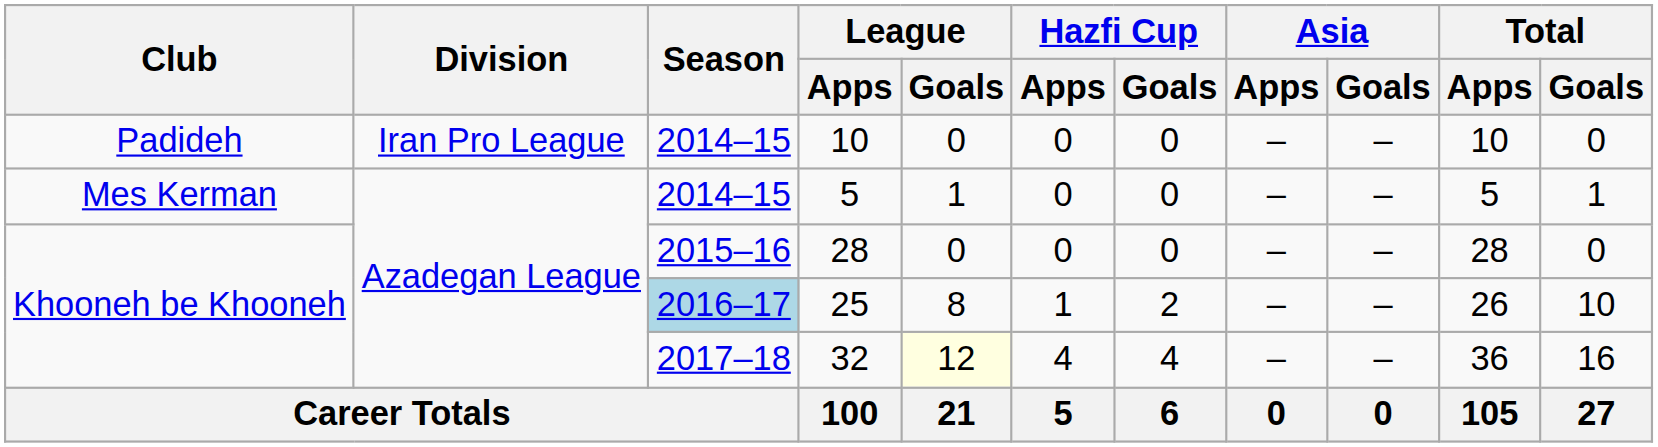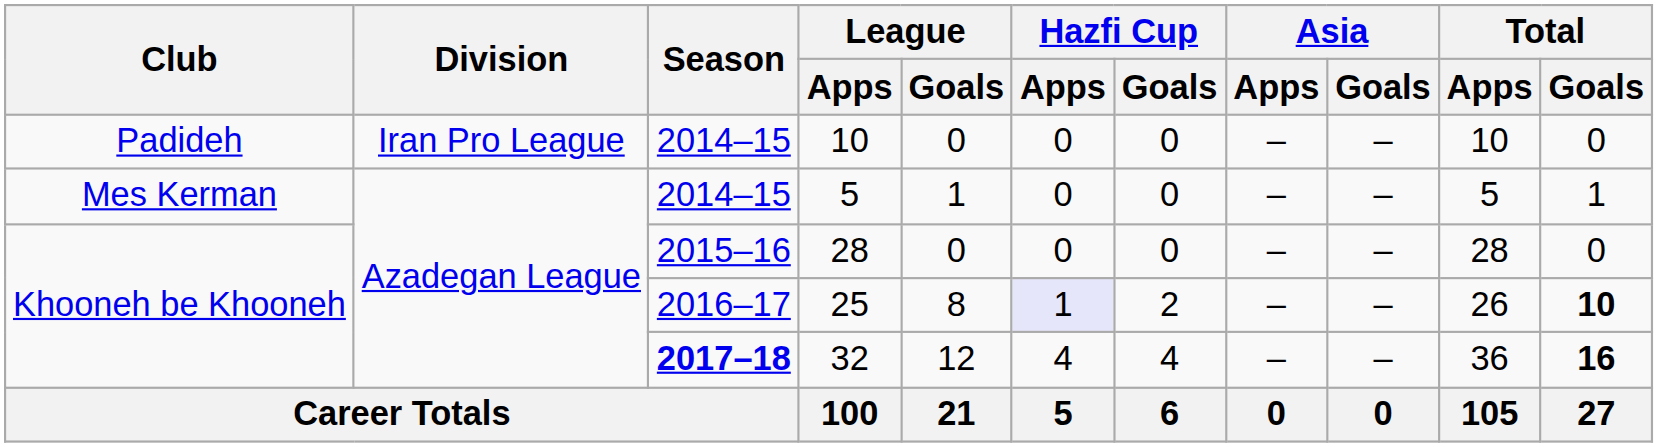 <table class="wikitable" style="text-align: center;">
 <tr>
 <th rowspan="2">Club</th>
 <th rowspan="2">Division</th>
 <th rowspan="2">Season</th>
 <th colspan="2">League</th>
 <th colspan="2"><a href='#'>Hazfi Cup</a></th>
 <th colspan="2"><a href='#'>Asia</a></th>
 <th colspan="2">Total</th>
 </tr>
 <tr>
 <th>Apps</th>
 <th>Goals</th>
 <th>Apps</th>
 <th>Goals</th>
 <th>Apps</th>
 <th>Goals</th>
 <th>Apps</th>
 <th>Goals</th>
 </tr>
 <tr>
 <td rowspan="1"><a href='#'>Padideh</a></td>
 <td rowspan="1"><a href='#'>Iran Pro League</a></td>
 <td><a href='#'>2014–15</a></td>
 <td>10</td>
 <td>0</td>
 <td>0</td>
 <td>0</td>
 <td>–</td>
 <td>–</td>
 <td>10</td>
 <td>0</td>
 </tr>
 <tr>
 <td rowspan="1"><a href='#'>Mes Kerman</a></td>
 <td rowspan="4"><a href='#'>Azadegan League</a></td>
 <td><a href='#'>2014–15</a></td>
 <td>5</td>
 <td>1</td>
 <td>0</td>
 <td>0</td>
 <td>–</td>
 <td>–</td>
 <td>5</td>
 <td>1</td>
 </tr>
 <tr>
 <td rowspan="3"><a href='#'>Khooneh be Khooneh</a></td>
 <td><a href='#'>2015–16</a></td>
 <td>28</td>
 <td>0</td>
 <td>0</td>
 <td>0</td>
 <td>–</td>
 <td>–</td>
 <td>28</td>
 <td>0</td>
 </tr>
 <tr>
-<td style="background: lightblue;"><a href='#'>2016–17</a></td>
+<td><a href='#'>2016–17</a></td>
 <td>25</td>
 <td>8</td>
-<td>1</td>
+<td style="background: lavender;">1</td>
 <td>2</td>
 <td>–</td>
 <td>–</td>
 <td>26</td>
-<td>10</td>
+<td><strong>10</strong></td>
 </tr>
 <tr>
-<td><a href='#'>2017–18</a></td>
+<td><strong><a href='#'>2017–18</a></strong></td>
 <td>32</td>
-<td style="background: lightyellow;">12</td>
+<td>12</td>
 <td>4</td>
 <td>4</td>
 <td>–</td>
 <td>–</td>
 <td>36</td>
-<td>16</td>
+<td><strong>16</strong></td>
 </tr>
 <tr>
 <th colspan=3>Career Totals</th>
 <th>100</th>
 <th>21</th>
 <th>5</th>
 <th>6</th>
 <th>0</th>
 <th>0</th>
 <th>105</th>
 <th>27</th>
 </tr>
 </table>
